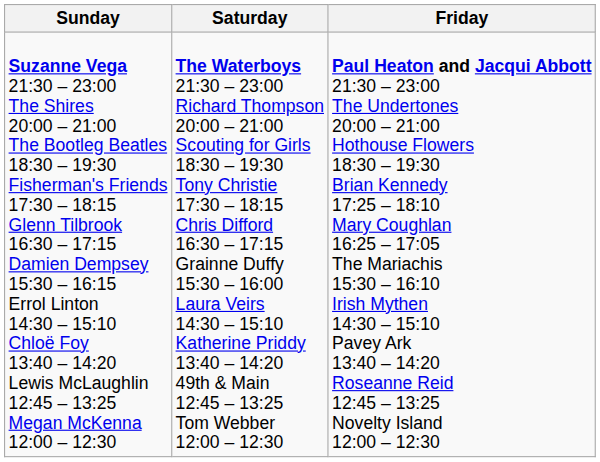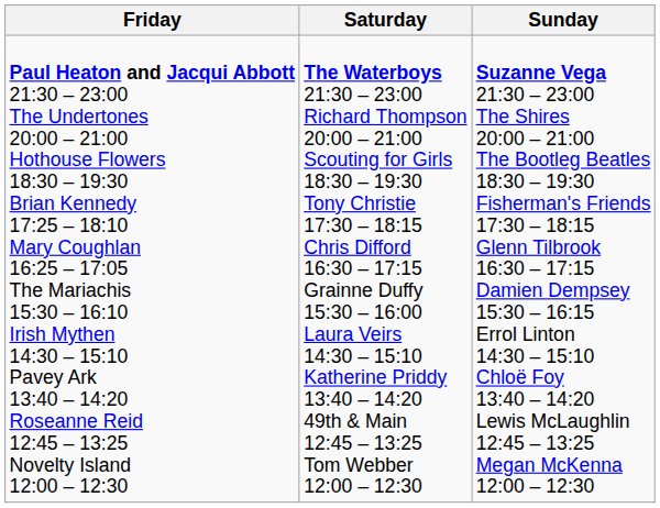 <table class="wikitable">
 <tr>
+<th>Friday</th>
+<th>Saturday</th>
 <th>Sunday</th>
-<th>Saturday</th>
-<th>Friday</th>
 </tr>
 <tr valign="top">
+<td><br><strong><a href='#'>Paul Heaton</a> and <a href='#'>Jacqui Abbott</a></strong> <br>21:30 – 23:00 <br><a href='#'>The Undertones</a> <br>20:00 – 21:00 <br><a href='#'>Hothouse Flowers</a> <br>18:30 – 19:30 <br><a href='#'>Brian Kennedy</a> <br>17:25 – 18:10 <br><a href='#'>Mary Coughlan</a> <br>16:25 – 17:05 <br>The Mariachis <br>15:30 – 16:10 <br><a href='#'>Irish Mythen</a> <br>14:30 – 15:10 <br>Pavey Ark <br>13:40 – 14:20 <br><a href='#'>Roseanne Reid</a> <br>12:45 – 13:25 <br>Novelty Island <br>12:00 – 12:30</td>
+<td><br><strong><a href='#'>The Waterboys</a></strong> <br>21:30 – 23:00 <br><a href='#'>Richard Thompson</a> <br>20:00 – 21:00 <br><a href='#'>Scouting for Girls</a> <br>18:30 – 19:30 <br><a href='#'>Tony Christie</a> <br>17:30 – 18:15 <br><a href='#'>Chris Difford</a> <br>16:30 – 17:15 <br>Grainne Duffy <br>15:30 – 16:00 <br><a href='#'>Laura Veirs</a> <br>14:30 – 15:10 <br><a href='#'>Katherine Priddy</a> <br>13:40 – 14:20 <br>49th & Main <br>12:45 – 13:25 <br>Tom Webber <br>12:00 – 12:30</td>
 <td><br><strong><a href='#'>Suzanne Vega</a></strong> <br>21:30 – 23:00 <br><a href='#'>The Shires</a> <br>20:00 – 21:00 <br><a href='#'>The Bootleg Beatles</a> <br>18:30 – 19:30 <br><a href='#'>Fisherman's Friends</a> <br>17:30 – 18:15 <br><a href='#'>Glenn Tilbrook</a> <br>16:30 – 17:15 <br><a href='#'>Damien Dempsey</a> <br>15:30 – 16:15 <br>Errol Linton <br>14:30 – 15:10 <br><a href='#'>Chloë Foy</a> <br>13:40 – 14:20 <br>Lewis McLaughlin <br>12:45 – 13:25 <br><a href='#'>Megan McKenna</a> <br>12:00 – 12:30</td>
-<td><br><strong><a href='#'>The Waterboys</a></strong> <br>21:30 – 23:00 <br><a href='#'>Richard Thompson</a> <br>20:00 – 21:00 <br><a href='#'>Scouting for Girls</a> <br>18:30 – 19:30 <br><a href='#'>Tony Christie</a> <br>17:30 – 18:15 <br><a href='#'>Chris Difford</a> <br>16:30 – 17:15 <br>Grainne Duffy <br>15:30 – 16:00 <br><a href='#'>Laura Veirs</a> <br>14:30 – 15:10 <br><a href='#'>Katherine Priddy</a> <br>13:40 – 14:20 <br>49th & Main <br>12:45 – 13:25 <br>Tom Webber <br>12:00 – 12:30</td>
-<td><br><strong><a href='#'>Paul Heaton</a> and <a href='#'>Jacqui Abbott</a></strong> <br>21:30 – 23:00 <br><a href='#'>The Undertones</a> <br>20:00 – 21:00 <br><a href='#'>Hothouse Flowers</a> <br>18:30 – 19:30 <br><a href='#'>Brian Kennedy</a> <br>17:25 – 18:10 <br><a href='#'>Mary Coughlan</a> <br>16:25 – 17:05 <br>The Mariachis <br>15:30 – 16:10 <br><a href='#'>Irish Mythen</a> <br>14:30 – 15:10 <br>Pavey Ark <br>13:40 – 14:20 <br><a href='#'>Roseanne Reid</a> <br>12:45 – 13:25 <br>Novelty Island <br>12:00 – 12:30</td>
 </tr>
 </table>
